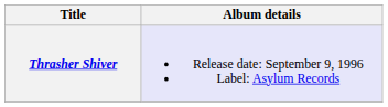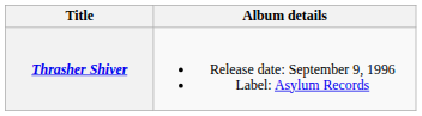 <table class="wikitable plainrowheaders" style="text-align:center;">
 <tr>
 <th style="width:10em;">Title</th>
 <th style="width:18em;">Album details</th>
 </tr>
 <tr>
 <th scope="row"><em><a href='#'>Thrasher Shiver</a></em></th>
-<td style="background: lavender;"><br><ul><li>Release date: September 9, 1996</li><li>Label: <a href='#'>Asylum Records</a></li></ul></td>
+<td><br><ul><li>Release date: September 9, 1996</li><li>Label: <a href='#'>Asylum Records</a></li></ul></td>
 </tr>
 </table>
